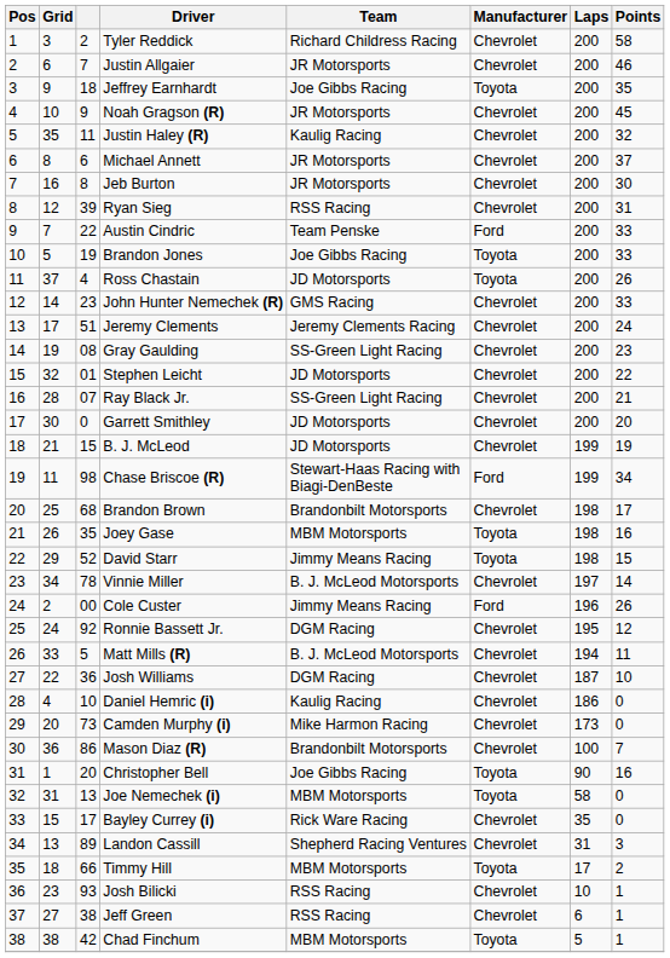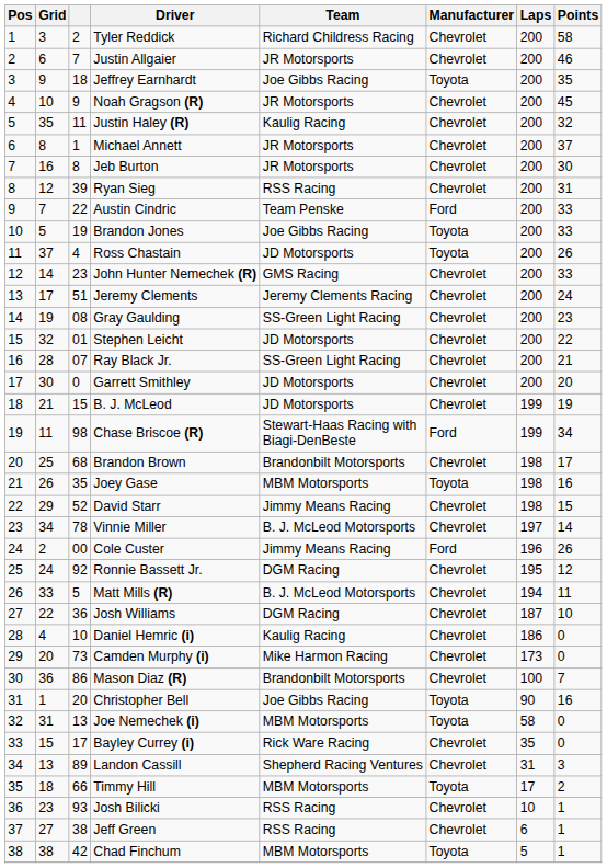 <table class="wikitable" style="font-size:98%">
 <tr>
 <th>Pos</th>
 <th>Grid</th>
 <th></th>
 <th>Driver</th>
 <th>Team</th>
 <th>Manufacturer</th>
 <th>Laps</th>
 <th>Points</th>
 </tr>
 <tr>
 <td>1</td>
 <td>3</td>
 <td>2</td>
 <td>Tyler Reddick</td>
 <td>Richard Childress Racing</td>
 <td>Chevrolet</td>
 <td>200</td>
 <td>58</td>
 </tr>
 <tr>
 <td>2</td>
 <td>6</td>
 <td>7</td>
 <td>Justin Allgaier</td>
 <td>JR Motorsports</td>
 <td>Chevrolet</td>
 <td>200</td>
 <td>46</td>
 </tr>
 <tr>
 <td>3</td>
 <td>9</td>
 <td>18</td>
 <td>Jeffrey Earnhardt</td>
 <td>Joe Gibbs Racing</td>
 <td>Toyota</td>
 <td>200</td>
 <td>35</td>
 </tr>
 <tr>
 <td>4</td>
 <td>10</td>
 <td>9</td>
 <td>Noah Gragson <strong>(R)</strong></td>
 <td>JR Motorsports</td>
 <td>Chevrolet</td>
 <td>200</td>
 <td>45</td>
 </tr>
 <tr>
 <td>5</td>
 <td>35</td>
 <td>11</td>
 <td>Justin Haley <strong>(R)</strong></td>
 <td>Kaulig Racing</td>
 <td>Chevrolet</td>
 <td>200</td>
 <td>32</td>
 </tr>
 <tr>
 <td>6</td>
 <td>8</td>
-<td>6</td>
+<td>1</td>
 <td>Michael Annett</td>
 <td>JR Motorsports</td>
 <td>Chevrolet</td>
 <td>200</td>
 <td>37</td>
 </tr>
 <tr>
 <td>7</td>
 <td>16</td>
 <td>8</td>
 <td>Jeb Burton</td>
 <td>JR Motorsports</td>
 <td>Chevrolet</td>
 <td>200</td>
 <td>30</td>
 </tr>
 <tr>
 <td>8</td>
 <td>12</td>
 <td>39</td>
 <td>Ryan Sieg</td>
 <td>RSS Racing</td>
 <td>Chevrolet</td>
 <td>200</td>
 <td>31</td>
 </tr>
 <tr>
 <td>9</td>
 <td>7</td>
 <td>22</td>
 <td>Austin Cindric</td>
 <td>Team Penske</td>
 <td>Ford</td>
 <td>200</td>
 <td>33</td>
 </tr>
 <tr>
 <td>10</td>
 <td>5</td>
 <td>19</td>
 <td>Brandon Jones</td>
 <td>Joe Gibbs Racing</td>
 <td>Toyota</td>
 <td>200</td>
 <td>33</td>
 </tr>
 <tr>
 <td>11</td>
 <td>37</td>
 <td>4</td>
 <td>Ross Chastain</td>
 <td>JD Motorsports</td>
 <td>Toyota</td>
 <td>200</td>
 <td>26</td>
 </tr>
 <tr>
 <td>12</td>
 <td>14</td>
 <td>23</td>
 <td>John Hunter Nemechek <strong>(R)</strong></td>
 <td>GMS Racing</td>
 <td>Chevrolet</td>
 <td>200</td>
 <td>33</td>
 </tr>
 <tr>
 <td>13</td>
 <td>17</td>
 <td>51</td>
 <td>Jeremy Clements</td>
 <td>Jeremy Clements Racing</td>
 <td>Chevrolet</td>
 <td>200</td>
 <td>24</td>
 </tr>
 <tr>
 <td>14</td>
 <td>19</td>
 <td>08</td>
 <td>Gray Gaulding</td>
 <td>SS-Green Light Racing</td>
 <td>Chevrolet</td>
 <td>200</td>
 <td>23</td>
 </tr>
 <tr>
 <td>15</td>
 <td>32</td>
 <td>01</td>
 <td>Stephen Leicht</td>
 <td>JD Motorsports</td>
 <td>Chevrolet</td>
 <td>200</td>
 <td>22</td>
 </tr>
 <tr>
 <td>16</td>
 <td>28</td>
 <td>07</td>
 <td>Ray Black Jr.</td>
 <td>SS-Green Light Racing</td>
 <td>Chevrolet</td>
 <td>200</td>
 <td>21</td>
 </tr>
 <tr>
 <td>17</td>
 <td>30</td>
 <td>0</td>
 <td>Garrett Smithley</td>
 <td>JD Motorsports</td>
 <td>Chevrolet</td>
 <td>200</td>
 <td>20</td>
 </tr>
 <tr>
 <td>18</td>
 <td>21</td>
 <td>15</td>
 <td>B. J. McLeod</td>
 <td>JD Motorsports</td>
 <td>Chevrolet</td>
 <td>199</td>
 <td>19</td>
 </tr>
 <tr>
 <td>19</td>
 <td>11</td>
 <td>98</td>
 <td>Chase Briscoe <strong>(R)</strong></td>
 <td>Stewart-Haas Racing with<br>Biagi-DenBeste</td>
 <td>Ford</td>
 <td>199</td>
 <td>34</td>
 </tr>
 <tr>
 <td>20</td>
 <td>25</td>
 <td>68</td>
 <td>Brandon Brown</td>
 <td>Brandonbilt Motorsports</td>
 <td>Chevrolet</td>
 <td>198</td>
 <td>17</td>
 </tr>
 <tr>
 <td>21</td>
 <td>26</td>
 <td>35</td>
 <td>Joey Gase</td>
 <td>MBM Motorsports</td>
 <td>Toyota</td>
 <td>198</td>
 <td>16</td>
 </tr>
 <tr>
 <td>22</td>
 <td>29</td>
 <td>52</td>
 <td>David Starr</td>
 <td>Jimmy Means Racing</td>
-<td>Toyota</td>
+<td>Chevrolet</td>
 <td>198</td>
 <td>15</td>
 </tr>
 <tr>
 <td>23</td>
 <td>34</td>
 <td>78</td>
 <td>Vinnie Miller</td>
 <td>B. J. McLeod Motorsports</td>
 <td>Chevrolet</td>
 <td>197</td>
 <td>14</td>
 </tr>
 <tr>
 <td>24</td>
 <td>2</td>
 <td>00</td>
 <td>Cole Custer</td>
 <td>Jimmy Means Racing</td>
 <td>Ford</td>
 <td>196</td>
 <td>26</td>
 </tr>
 <tr>
 <td>25</td>
 <td>24</td>
 <td>92</td>
 <td>Ronnie Bassett Jr.</td>
 <td>DGM Racing</td>
 <td>Chevrolet</td>
 <td>195</td>
 <td>12</td>
 </tr>
 <tr>
 <td>26</td>
 <td>33</td>
 <td>5</td>
 <td>Matt Mills <strong>(R)</strong></td>
 <td>B. J. McLeod Motorsports</td>
 <td>Chevrolet</td>
 <td>194</td>
 <td>11</td>
 </tr>
 <tr>
 <td>27</td>
 <td>22</td>
 <td>36</td>
 <td>Josh Williams</td>
 <td>DGM Racing</td>
 <td>Chevrolet</td>
 <td>187</td>
 <td>10</td>
 </tr>
 <tr>
 <td>28</td>
 <td>4</td>
 <td>10</td>
 <td>Daniel Hemric <strong>(i)</strong></td>
 <td>Kaulig Racing</td>
 <td>Chevrolet</td>
 <td>186</td>
 <td>0</td>
 </tr>
 <tr>
 <td>29</td>
 <td>20</td>
 <td>73</td>
 <td>Camden Murphy <strong>(i)</strong></td>
 <td>Mike Harmon Racing</td>
 <td>Chevrolet</td>
 <td>173</td>
 <td>0</td>
 </tr>
 <tr>
 <td>30</td>
 <td>36</td>
 <td>86</td>
 <td>Mason Diaz <strong>(R)</strong></td>
 <td>Brandonbilt Motorsports</td>
 <td>Chevrolet</td>
 <td>100</td>
 <td>7</td>
 </tr>
 <tr>
 <td>31</td>
 <td>1</td>
 <td>20</td>
 <td>Christopher Bell</td>
 <td>Joe Gibbs Racing</td>
 <td>Toyota</td>
 <td>90</td>
 <td>16</td>
 </tr>
 <tr>
 <td>32</td>
 <td>31</td>
 <td>13</td>
 <td>Joe Nemechek <strong>(i)</strong></td>
 <td>MBM Motorsports</td>
 <td>Toyota</td>
 <td>58</td>
 <td>0</td>
 </tr>
 <tr>
 <td>33</td>
 <td>15</td>
 <td>17</td>
 <td>Bayley Currey <strong>(i)</strong></td>
 <td>Rick Ware Racing</td>
 <td>Chevrolet</td>
 <td>35</td>
 <td>0</td>
 </tr>
 <tr>
 <td>34</td>
 <td>13</td>
 <td>89</td>
 <td>Landon Cassill</td>
 <td>Shepherd Racing Ventures</td>
 <td>Chevrolet</td>
 <td>31</td>
 <td>3</td>
 </tr>
 <tr>
 <td>35</td>
 <td>18</td>
 <td>66</td>
 <td>Timmy Hill</td>
 <td>MBM Motorsports</td>
 <td>Toyota</td>
 <td>17</td>
 <td>2</td>
 </tr>
 <tr>
 <td>36</td>
 <td>23</td>
 <td>93</td>
 <td>Josh Bilicki</td>
 <td>RSS Racing</td>
 <td>Chevrolet</td>
 <td>10</td>
 <td>1</td>
 </tr>
 <tr>
 <td>37</td>
 <td>27</td>
 <td>38</td>
 <td>Jeff Green</td>
 <td>RSS Racing</td>
 <td>Chevrolet</td>
 <td>6</td>
 <td>1</td>
 </tr>
 <tr>
 <td>38</td>
 <td>38</td>
 <td>42</td>
 <td>Chad Finchum</td>
 <td>MBM Motorsports</td>
 <td>Toyota</td>
 <td>5</td>
 <td>1</td>
 </tr>
 <tr>
 </tr>
 </table>
